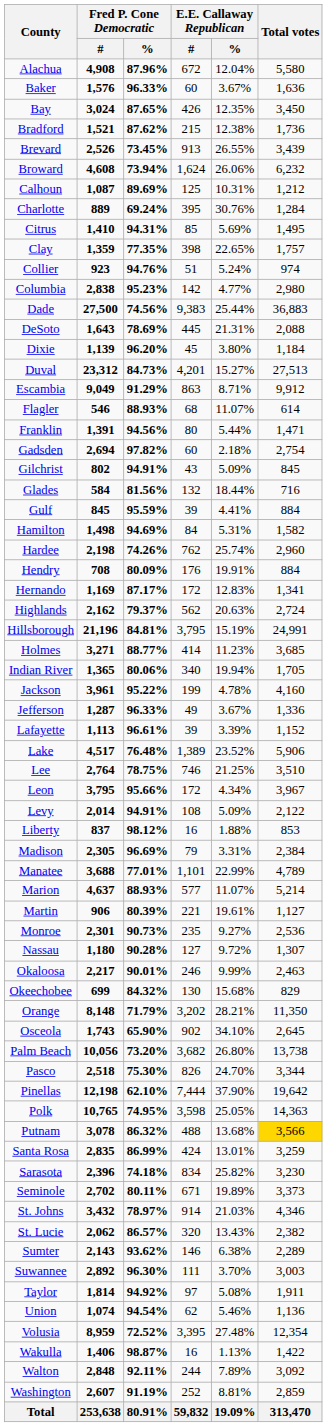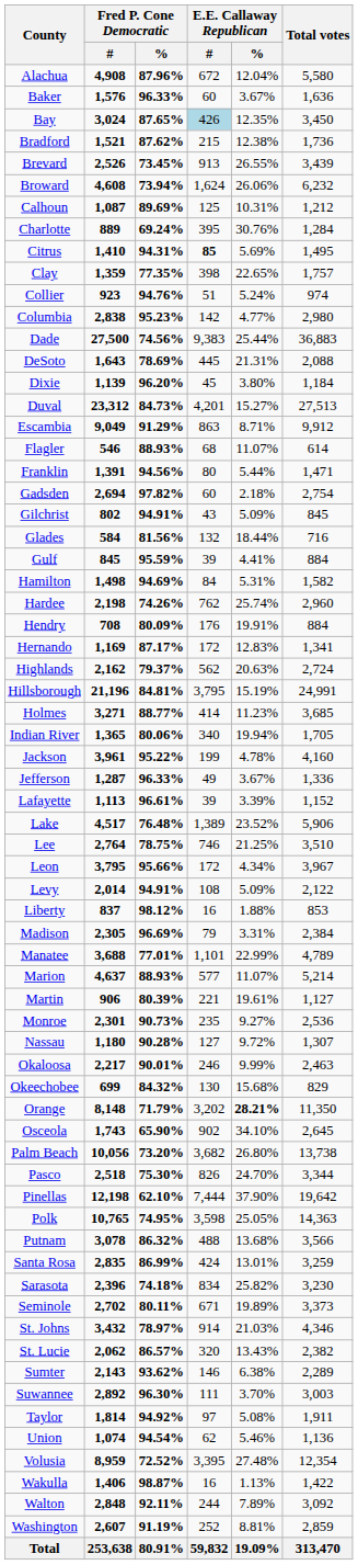 <table class="wikitable sortable">
 <tr>
 <th rowspan="2">County</th>
 <th colspan="2" style="text-align: center;" >Fred P. Cone <br><em>Democratic</em></th>
 <th colspan="2" style="text-align: center;" >E.E. Callaway <br><em>Republican</em></th>
 <th rowspan="2">Total votes</th>
 </tr>
 <tr>
 <th colspan="1" style="text-align: center;" >#</th>
 <th colspan="1" style="text-align: center;" >%</th>
 <th colspan="1" style="text-align: center;" >#</th>
 <th colspan="1" style="text-align: center;" >%</th>
 </tr>
 <tr align="center">
 <td><a href='#'>Alachua</a></td>
 <td><strong>4,908</strong></td>
 <td><strong>87.96%</strong></td>
 <td>672</td>
 <td>12.04%</td>
 <td>5,580</td>
 </tr>
 <tr align="center">
 <td><a href='#'>Baker</a></td>
 <td><strong>1,576</strong></td>
 <td><strong>96.33%</strong></td>
 <td>60</td>
 <td>3.67%</td>
 <td>1,636</td>
 </tr>
 <tr align="center">
 <td><a href='#'>Bay</a></td>
 <td><strong>3,024</strong></td>
 <td><strong>87.65%</strong></td>
-<td>426</td>
+<td style="background: lightblue;">426</td>
 <td>12.35%</td>
 <td>3,450</td>
 </tr>
 <tr align="center">
 <td><a href='#'>Bradford</a></td>
 <td><strong>1,521</strong></td>
 <td><strong>87.62%</strong></td>
 <td>215</td>
 <td>12.38%</td>
 <td>1,736</td>
 </tr>
 <tr align="center">
 <td><a href='#'>Brevard</a></td>
 <td><strong>2,526</strong></td>
 <td><strong>73.45%</strong></td>
 <td>913</td>
 <td>26.55%</td>
 <td>3,439</td>
 </tr>
 <tr align="center">
 <td><a href='#'>Broward</a></td>
 <td><strong>4,608</strong></td>
 <td><strong>73.94%</strong></td>
 <td>1,624</td>
 <td>26.06%</td>
 <td>6,232</td>
 </tr>
 <tr align="center">
 <td><a href='#'>Calhoun</a></td>
 <td><strong>1,087</strong></td>
 <td><strong>89.69%</strong></td>
 <td>125</td>
 <td>10.31%</td>
 <td>1,212</td>
 </tr>
 <tr align="center">
 <td><a href='#'>Charlotte</a></td>
 <td><strong>889</strong></td>
 <td><strong>69.24%</strong></td>
 <td>395</td>
 <td>30.76%</td>
 <td>1,284</td>
 </tr>
 <tr align="center">
 <td><a href='#'>Citrus</a></td>
 <td><strong>1,410</strong></td>
 <td><strong>94.31%</strong></td>
-<td>85</td>
+<td><strong>85</strong></td>
 <td>5.69%</td>
 <td>1,495</td>
 </tr>
 <tr align="center">
 <td><a href='#'>Clay</a></td>
 <td><strong>1,359</strong></td>
 <td><strong>77.35%</strong></td>
 <td>398</td>
 <td>22.65%</td>
 <td>1,757</td>
 </tr>
 <tr align="center">
 <td><a href='#'>Collier</a></td>
 <td><strong>923</strong></td>
 <td><strong>94.76%</strong></td>
 <td>51</td>
 <td>5.24%</td>
 <td>974</td>
 </tr>
 <tr align="center">
 <td><a href='#'>Columbia</a></td>
 <td><strong>2,838</strong></td>
 <td><strong>95.23%</strong></td>
 <td>142</td>
 <td>4.77%</td>
 <td>2,980</td>
 </tr>
 <tr align="center">
 <td><a href='#'>Dade</a></td>
 <td><strong>27,500</strong></td>
 <td><strong>74.56%</strong></td>
 <td>9,383</td>
 <td>25.44%</td>
 <td>36,883</td>
 </tr>
 <tr align="center">
 <td><a href='#'>DeSoto</a></td>
 <td><strong>1,643</strong></td>
 <td><strong>78.69%</strong></td>
 <td>445</td>
 <td>21.31%</td>
 <td>2,088</td>
 </tr>
 <tr align="center">
 <td><a href='#'>Dixie</a></td>
 <td><strong>1,139</strong></td>
 <td><strong>96.20%</strong></td>
 <td>45</td>
 <td>3.80%</td>
 <td>1,184</td>
 </tr>
 <tr align="center">
 <td><a href='#'>Duval</a></td>
 <td><strong>23,312</strong></td>
 <td><strong>84.73%</strong></td>
 <td>4,201</td>
 <td>15.27%</td>
 <td>27,513</td>
 </tr>
 <tr align="center">
 <td><a href='#'>Escambia</a></td>
 <td><strong>9,049</strong></td>
 <td><strong>91.29%</strong></td>
 <td>863</td>
 <td>8.71%</td>
 <td>9,912</td>
 </tr>
 <tr align="center">
 <td><a href='#'>Flagler</a></td>
 <td><strong>546</strong></td>
 <td><strong>88.93%</strong></td>
 <td>68</td>
 <td>11.07%</td>
 <td>614</td>
 </tr>
 <tr align="center">
 <td><a href='#'>Franklin</a></td>
 <td><strong>1,391</strong></td>
 <td><strong>94.56%</strong></td>
 <td>80</td>
 <td>5.44%</td>
 <td>1,471</td>
 </tr>
 <tr align="center">
 <td><a href='#'>Gadsden</a></td>
 <td><strong>2,694</strong></td>
 <td><strong>97.82%</strong></td>
 <td>60</td>
 <td>2.18%</td>
 <td>2,754</td>
 </tr>
 <tr align="center">
 <td><a href='#'>Gilchrist</a></td>
 <td><strong>802</strong></td>
 <td><strong>94.91%</strong></td>
 <td>43</td>
 <td>5.09%</td>
 <td>845</td>
 </tr>
 <tr align="center">
 <td><a href='#'>Glades</a></td>
 <td><strong>584</strong></td>
 <td><strong>81.56%</strong></td>
 <td>132</td>
 <td>18.44%</td>
 <td>716</td>
 </tr>
 <tr align="center">
 <td><a href='#'>Gulf</a></td>
 <td><strong>845</strong></td>
 <td><strong>95.59%</strong></td>
 <td>39</td>
 <td>4.41%</td>
 <td>884</td>
 </tr>
 <tr align="center">
 <td><a href='#'>Hamilton</a></td>
 <td><strong>1,498</strong></td>
 <td><strong>94.69%</strong></td>
 <td>84</td>
 <td>5.31%</td>
 <td>1,582</td>
 </tr>
 <tr align="center">
 <td><a href='#'>Hardee</a></td>
 <td><strong>2,198</strong></td>
 <td><strong>74.26%</strong></td>
 <td>762</td>
 <td>25.74%</td>
 <td>2,960</td>
 </tr>
 <tr align="center">
 <td><a href='#'>Hendry</a></td>
 <td><strong>708</strong></td>
 <td><strong>80.09%</strong></td>
 <td>176</td>
 <td>19.91%</td>
 <td>884</td>
 </tr>
 <tr align="center">
 <td><a href='#'>Hernando</a></td>
 <td><strong>1,169</strong></td>
 <td><strong>87.17%</strong></td>
 <td>172</td>
 <td>12.83%</td>
 <td>1,341</td>
 </tr>
 <tr align="center">
 <td><a href='#'>Highlands</a></td>
 <td><strong>2,162</strong></td>
 <td><strong>79.37%</strong></td>
 <td>562</td>
 <td>20.63%</td>
 <td>2,724</td>
 </tr>
 <tr align="center">
 <td><a href='#'>Hillsborough</a></td>
 <td><strong>21,196</strong></td>
 <td><strong>84.81%</strong></td>
 <td>3,795</td>
 <td>15.19%</td>
 <td>24,991</td>
 </tr>
 <tr align="center">
 <td><a href='#'>Holmes</a></td>
 <td><strong>3,271</strong></td>
 <td><strong>88.77%</strong></td>
 <td>414</td>
 <td>11.23%</td>
 <td>3,685</td>
 </tr>
 <tr align="center">
 <td><a href='#'>Indian River</a></td>
 <td><strong>1,365</strong></td>
 <td><strong>80.06%</strong></td>
 <td>340</td>
 <td>19.94%</td>
 <td>1,705</td>
 </tr>
 <tr align="center">
 <td><a href='#'>Jackson</a></td>
 <td><strong>3,961</strong></td>
 <td><strong>95.22%</strong></td>
 <td>199</td>
 <td>4.78%</td>
 <td>4,160</td>
 </tr>
 <tr align="center">
 <td><a href='#'>Jefferson</a></td>
 <td><strong>1,287</strong></td>
 <td><strong>96.33%</strong></td>
 <td>49</td>
 <td>3.67%</td>
 <td>1,336</td>
 </tr>
 <tr align="center">
 <td><a href='#'>Lafayette</a></td>
 <td><strong>1,113</strong></td>
 <td><strong>96.61%</strong></td>
 <td>39</td>
 <td>3.39%</td>
 <td>1,152</td>
 </tr>
 <tr align="center">
 <td><a href='#'>Lake</a></td>
 <td><strong>4,517</strong></td>
 <td><strong>76.48%</strong></td>
 <td>1,389</td>
 <td>23.52%</td>
 <td>5,906</td>
 </tr>
 <tr align="center">
 <td><a href='#'>Lee</a></td>
 <td><strong>2,764</strong></td>
 <td><strong>78.75%</strong></td>
 <td>746</td>
 <td>21.25%</td>
 <td>3,510</td>
 </tr>
 <tr align="center">
 <td><a href='#'>Leon</a></td>
 <td><strong>3,795</strong></td>
 <td><strong>95.66%</strong></td>
 <td>172</td>
 <td>4.34%</td>
 <td>3,967</td>
 </tr>
 <tr align="center">
 <td><a href='#'>Levy</a></td>
 <td><strong>2,014</strong></td>
 <td><strong>94.91%</strong></td>
 <td>108</td>
 <td>5.09%</td>
 <td>2,122</td>
 </tr>
 <tr align="center">
 <td><a href='#'>Liberty</a></td>
 <td><strong>837</strong></td>
 <td><strong>98.12%</strong></td>
 <td>16</td>
 <td>1.88%</td>
 <td>853</td>
 </tr>
 <tr align="center">
 <td><a href='#'>Madison</a></td>
 <td><strong>2,305</strong></td>
 <td><strong>96.69%</strong></td>
 <td>79</td>
 <td>3.31%</td>
 <td>2,384</td>
 </tr>
 <tr align="center">
 <td><a href='#'>Manatee</a></td>
 <td><strong>3,688</strong></td>
 <td><strong>77.01%</strong></td>
 <td>1,101</td>
 <td>22.99%</td>
 <td>4,789</td>
 </tr>
 <tr align="center">
 <td><a href='#'>Marion</a></td>
 <td><strong>4,637</strong></td>
 <td><strong>88.93%</strong></td>
 <td>577</td>
 <td>11.07%</td>
 <td>5,214</td>
 </tr>
 <tr align="center">
 <td><a href='#'>Martin</a></td>
 <td><strong>906</strong></td>
 <td><strong>80.39%</strong></td>
 <td>221</td>
 <td>19.61%</td>
 <td>1,127</td>
 </tr>
 <tr align="center">
 <td><a href='#'>Monroe</a></td>
 <td><strong>2,301</strong></td>
 <td><strong>90.73%</strong></td>
 <td>235</td>
 <td>9.27%</td>
 <td>2,536</td>
 </tr>
 <tr align="center">
 <td><a href='#'>Nassau</a></td>
 <td><strong>1,180</strong></td>
 <td><strong>90.28%</strong></td>
 <td>127</td>
 <td>9.72%</td>
 <td>1,307</td>
 </tr>
 <tr align="center">
 <td><a href='#'>Okaloosa</a></td>
 <td><strong>2,217</strong></td>
 <td><strong>90.01%</strong></td>
 <td>246</td>
 <td>9.99%</td>
 <td>2,463</td>
 </tr>
 <tr align="center">
 <td><a href='#'>Okeechobee</a></td>
 <td><strong>699</strong></td>
 <td><strong>84.32%</strong></td>
 <td>130</td>
 <td>15.68%</td>
 <td>829</td>
 </tr>
 <tr align="center">
 <td><a href='#'>Orange</a></td>
 <td><strong>8,148</strong></td>
 <td><strong>71.79%</strong></td>
 <td>3,202</td>
-<td>28.21%</td>
+<td><strong>28.21%</strong></td>
 <td>11,350</td>
 </tr>
 <tr align="center">
 <td><a href='#'>Osceola</a></td>
 <td><strong>1,743</strong></td>
 <td><strong>65.90%</strong></td>
 <td>902</td>
 <td>34.10%</td>
 <td>2,645</td>
 </tr>
 <tr align="center">
 <td><a href='#'>Palm Beach</a></td>
 <td><strong>10,056</strong></td>
 <td><strong>73.20%</strong></td>
 <td>3,682</td>
 <td>26.80%</td>
 <td>13,738</td>
 </tr>
 <tr align="center">
 <td><a href='#'>Pasco</a></td>
 <td><strong>2,518</strong></td>
 <td><strong>75.30%</strong></td>
 <td>826</td>
 <td>24.70%</td>
 <td>3,344</td>
 </tr>
 <tr align="center">
 <td><a href='#'>Pinellas</a></td>
 <td><strong>12,198</strong></td>
 <td><strong>62.10%</strong></td>
 <td>7,444</td>
 <td>37.90%</td>
 <td>19,642</td>
 </tr>
 <tr align="center">
 <td><a href='#'>Polk</a></td>
 <td><strong>10,765</strong></td>
 <td><strong>74.95%</strong></td>
 <td>3,598</td>
 <td>25.05%</td>
 <td>14,363</td>
 </tr>
 <tr align="center">
 <td><a href='#'>Putnam</a></td>
 <td><strong>3,078</strong></td>
 <td><strong>86.32%</strong></td>
 <td>488</td>
 <td>13.68%</td>
-<td style="background: gold;">3,566</td>
+<td>3,566</td>
 </tr>
 <tr align="center">
 <td><a href='#'>Santa Rosa</a></td>
 <td><strong>2,835</strong></td>
 <td><strong>86.99%</strong></td>
 <td>424</td>
 <td>13.01%</td>
 <td>3,259</td>
 </tr>
 <tr align="center">
 <td><a href='#'>Sarasota</a></td>
 <td><strong>2,396</strong></td>
 <td><strong>74.18%</strong></td>
 <td>834</td>
 <td>25.82%</td>
 <td>3,230</td>
 </tr>
 <tr align="center">
 <td><a href='#'>Seminole</a></td>
 <td><strong>2,702</strong></td>
 <td><strong>80.11%</strong></td>
 <td>671</td>
 <td>19.89%</td>
 <td>3,373</td>
 </tr>
 <tr align="center">
 <td><a href='#'>St. Johns</a></td>
 <td><strong>3,432</strong></td>
 <td><strong>78.97%</strong></td>
 <td>914</td>
 <td>21.03%</td>
 <td>4,346</td>
 </tr>
 <tr align="center">
 <td><a href='#'>St. Lucie</a></td>
 <td><strong>2,062</strong></td>
 <td><strong>86.57%</strong></td>
 <td>320</td>
 <td>13.43%</td>
 <td>2,382</td>
 </tr>
 <tr align="center">
 <td><a href='#'>Sumter</a></td>
 <td><strong>2,143</strong></td>
 <td><strong>93.62%</strong></td>
 <td>146</td>
 <td>6.38%</td>
 <td>2,289</td>
 </tr>
 <tr align="center">
 <td><a href='#'>Suwannee</a></td>
 <td><strong>2,892</strong></td>
 <td><strong>96.30%</strong></td>
 <td>111</td>
 <td>3.70%</td>
 <td>3,003</td>
 </tr>
 <tr align="center">
 <td><a href='#'>Taylor</a></td>
 <td><strong>1,814</strong></td>
 <td><strong>94.92%</strong></td>
 <td>97</td>
 <td>5.08%</td>
 <td>1,911</td>
 </tr>
 <tr align="center">
 <td><a href='#'>Union</a></td>
 <td><strong>1,074</strong></td>
 <td><strong>94.54%</strong></td>
 <td>62</td>
 <td>5.46%</td>
 <td>1,136</td>
 </tr>
 <tr align="center">
 <td><a href='#'>Volusia</a></td>
 <td><strong>8,959</strong></td>
 <td><strong>72.52%</strong></td>
 <td>3,395</td>
 <td>27.48%</td>
 <td>12,354</td>
 </tr>
 <tr align="center">
 <td><a href='#'>Wakulla</a></td>
 <td><strong>1,406</strong></td>
 <td><strong>98.87%</strong></td>
 <td>16</td>
 <td>1.13%</td>
 <td>1,422</td>
 </tr>
 <tr align="center">
 <td><a href='#'>Walton</a></td>
 <td><strong>2,848</strong></td>
 <td><strong>92.11%</strong></td>
 <td>244</td>
 <td>7.89%</td>
 <td>3,092</td>
 </tr>
 <tr align="center">
 <td><a href='#'>Washington</a></td>
 <td><strong>2,607</strong></td>
 <td><strong>91.19%</strong></td>
 <td>252</td>
 <td>8.81%</td>
 <td>2,859</td>
 </tr>
 <tr>
 <th>Total</th>
 <th>253,638</th>
 <th>80.91%</th>
 <th>59,832</th>
 <th>19.09%</th>
 <th>313,470</th>
 </tr>
 </table>
